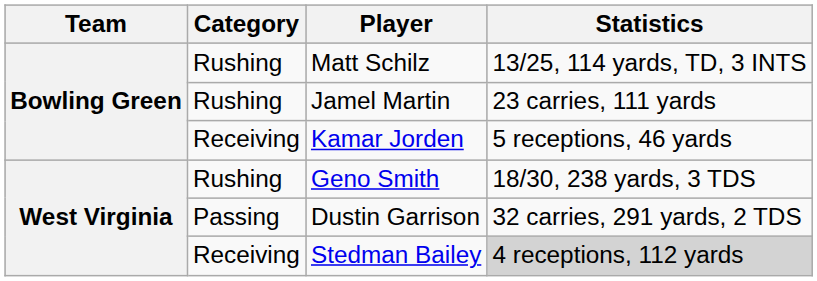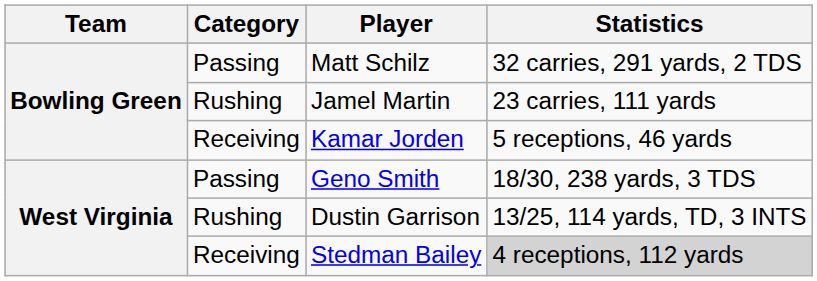 <table class="wikitable" style="float:right">
 <tr>
 <th>Team</th>
 <th>Category</th>
 <th>Player</th>
 <th>Statistics</th>
 </tr>
 <tr>
 <th rowspan=3>Bowling Green</th>
-<td>Rushing</td>
+<td>Passing</td>
 <td>Matt Schilz</td>
-<td>13/25, 114 yards, TD, 3 INTS</td>
+<td>32 carries, 291 yards, 2 TDS</td>
 </tr>
 <tr>
 <td>Rushing</td>
 <td>Jamel Martin</td>
 <td>23 carries, 111 yards</td>
 </tr>
 <tr>
 <td>Receiving</td>
 <td><a href='#'>Kamar Jorden</a></td>
 <td>5 receptions, 46 yards</td>
 </tr>
 <tr>
 <th rowspan=3>West Virginia</th>
-<td>Rushing</td>
+<td>Passing</td>
 <td><a href='#'>Geno Smith</a></td>
 <td>18/30, 238 yards, 3 TDS</td>
 </tr>
 <tr>
-<td>Passing</td>
+<td>Rushing</td>
 <td>Dustin Garrison</td>
-<td>32 carries, 291 yards, 2 TDS</td>
+<td>13/25, 114 yards, TD, 3 INTS</td>
 </tr>
 <tr>
 <td>Receiving</td>
 <td><a href='#'>Stedman Bailey</a></td>
 <td style="background: lightgrey;">4 receptions, 112 yards</td>
 </tr>
 </table>
